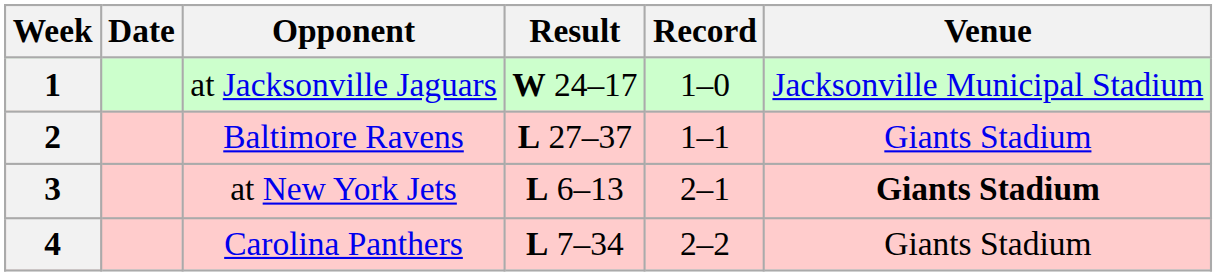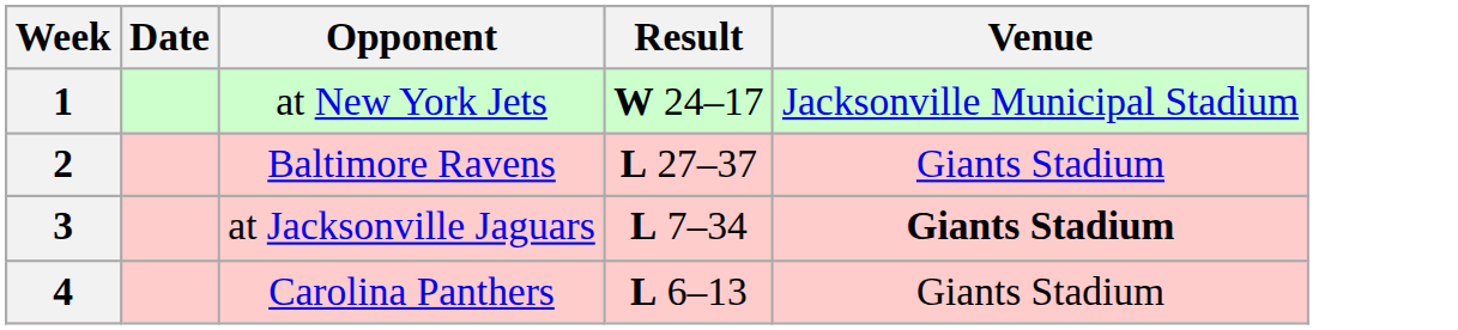 <table class="wikitable" style="text-align:center">
 <tr>
 <th>Week</th>
 <th>Date</th>
 <th>Opponent</th>
 <th>Result</th>
-<th>Record</th>
 <th>Venue</th>
 </tr>
 <tr style="background:#cfc">
 <th>1</th>
 <td></td>
-<td>at <a href='#'>Jacksonville Jaguars</a></td>
+<td>at <a href='#'>New York Jets</a></td>
 <td><strong>W</strong> 24–17</td>
-<td>1–0</td>
 <td><a href='#'>Jacksonville Municipal Stadium</a></td>
 </tr>
 <tr style="background:#fcc">
 <th>2</th>
 <td></td>
 <td><a href='#'>Baltimore Ravens</a></td>
 <td><strong>L</strong> 27–37</td>
-<td>1–1</td>
 <td><a href='#'>Giants Stadium</a></td>
 </tr>
 <tr style="background:#fcc">
 <th>3</th>
 <td></td>
-<td>at <a href='#'>New York Jets</a></td>
-<td><strong>L</strong> 6–13</td>
-<td>2–1</td>
+<td>at <a href='#'>Jacksonville Jaguars</a></td>
+<td><strong>L</strong> 7–34</td>
 <td><strong>Giants Stadium</strong></td>
 </tr>
 <tr style="background:#fcc">
 <th>4</th>
 <td></td>
 <td><a href='#'>Carolina Panthers</a></td>
-<td><strong>L</strong> 7–34</td>
-<td>2–2</td>
+<td><strong>L</strong> 6–13</td>
 <td>Giants Stadium</td>
 </tr>
 </table>
